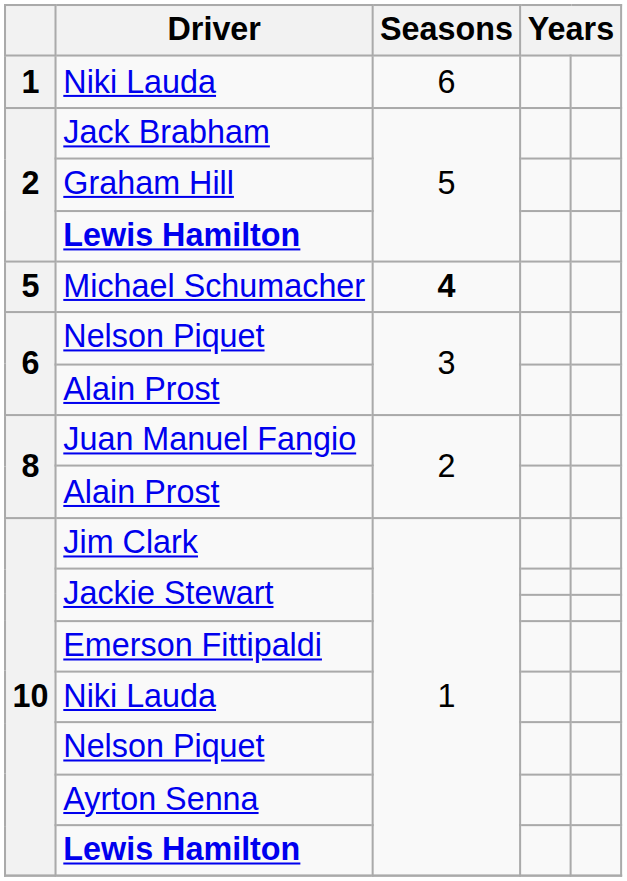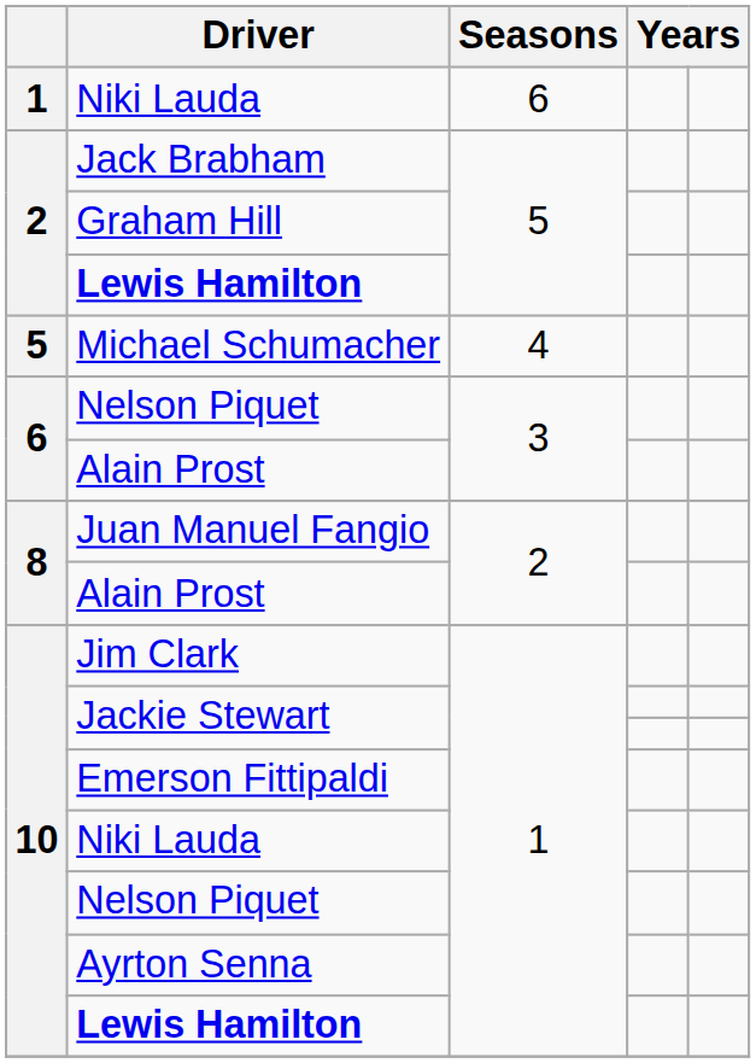 <table class="wikitable" style="text-align:center">
 <tr>
 <th></th>
 <th>Driver</th>
 <th>Seasons</th>
 <th colspan=2>Years</th>
 </tr>
 <tr>
 <th>1</th>
 <td align=left> <a href='#'>Niki Lauda</a></td>
 <td>6</td>
 <td></td>
 <td></td>
 </tr>
 <tr>
 <th rowspan=3>2</th>
 <td align=left> <a href='#'>Jack Brabham</a></td>
 <td rowspan=3>5</td>
 <td></td>
 <td></td>
 </tr>
 <tr>
 <td align=left> <a href='#'>Graham Hill</a></td>
 <td></td>
 <td></td>
 </tr>
 <tr>
 <td align=left> <strong><a href='#'>Lewis Hamilton</a></strong></td>
 <td></td>
 <td></td>
 </tr>
 <tr>
 <th>5</th>
 <td align=left> <a href='#'>Michael Schumacher</a></td>
-<td><strong>4</strong></td>
+<td>4</td>
 <td></td>
 <td></td>
 </tr>
 <tr>
 <th rowspan=2>6</th>
 <td align=left> <a href='#'>Nelson Piquet</a></td>
 <td rowspan=2>3</td>
 <td></td>
 <td></td>
 </tr>
 <tr>
 <td align=left> <a href='#'>Alain Prost</a></td>
 <td></td>
 <td></td>
 </tr>
 <tr>
 <th rowspan=2>8</th>
 <td align=left> <a href='#'>Juan Manuel Fangio</a></td>
 <td rowspan=2>2</td>
 <td></td>
 <td></td>
 </tr>
 <tr>
 <td align=left> <a href='#'>Alain Prost</a></td>
 <td></td>
 <td></td>
 </tr>
 <tr>
 <th rowspan=8>10</th>
 <td align=left> <a href='#'>Jim Clark</a></td>
 <td rowspan=8>1</td>
 <td></td>
 <td></td>
 </tr>
 <tr>
 <td align=left rowspan=2> <a href='#'>Jackie Stewart</a></td>
 <td></td>
 <td></td>
 </tr>
 <tr>
 <td></td>
 <td></td>
 </tr>
 <tr>
 <td align=left> <a href='#'>Emerson Fittipaldi</a></td>
 <td></td>
 <td></td>
 </tr>
 <tr>
 <td align=left> <a href='#'>Niki Lauda</a></td>
 <td></td>
 <td></td>
 </tr>
 <tr>
 <td align=left> <a href='#'>Nelson Piquet</a></td>
 <td></td>
 <td></td>
 </tr>
 <tr>
 <td align=left> <a href='#'>Ayrton Senna</a></td>
 <td></td>
 <td></td>
 </tr>
 <tr>
 <td align=left> <strong><a href='#'>Lewis Hamilton</a></strong></td>
 <td></td>
 <td></td>
 </tr>
 <tr>
 </tr>
 </table>
